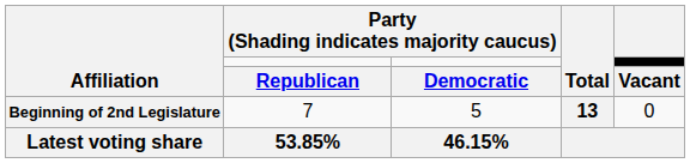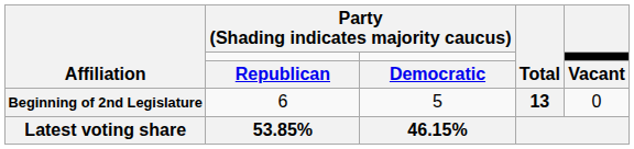 <table class=wikitable style="text-align:center">
 <tr style="vertical-align:bottom;">
 <th rowspan=3>Affiliation</th>
 <th colspan=2>Party <div>(Shading indicates majority caucus)</div></th>
 <th rowspan=3>Total</th>
 <th></th>
 </tr>
 <tr -style="height:5px">
 <td style="background-color:"></td>
 <td style="background-color:"></td>
 <td style="background-color:black"></td>
 </tr>
 <tr>
 <th><a href='#'>Republican</a></th>
 <th><a href='#'>Democratic</a></th>
 <th>Vacant</th>
 </tr>
 <tr>
 <th nowrap style="font-size:80%">Beginning of 2nd Legislature</th>
-<td>7</td>
+<td>6</td>
 <td>5</td>
 <th>13</th>
 <td>0</td>
 </tr>
 <tr>
 <th>Latest voting share</th>
 <th>53.85%</th>
 <th>46.15%</th>
 <th colspan=2></th>
 </tr>
 </table>
